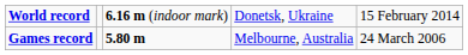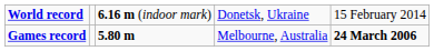 <table class="wikitable">
 <tr>
 <td><a href='#'><strong>World record</strong></a></td>
 <td></td>
 <td><strong>6.16 m</strong> (<em>indoor mark</em>)</td>
 <td><a href='#'>Donetsk</a>, <a href='#'>Ukraine</a></td>
 <td>15 February 2014</td>
 </tr>
 <tr>
 <td><a href='#'><strong>Games record</strong></a></td>
 <td></td>
 <td><strong>5.80 m</strong></td>
 <td><a href='#'>Melbourne</a>, <a href='#'>Australia</a></td>
-<td>24 March 2006</td>
+<td><strong>24 March 2006</strong></td>
 </tr>
 </table>
